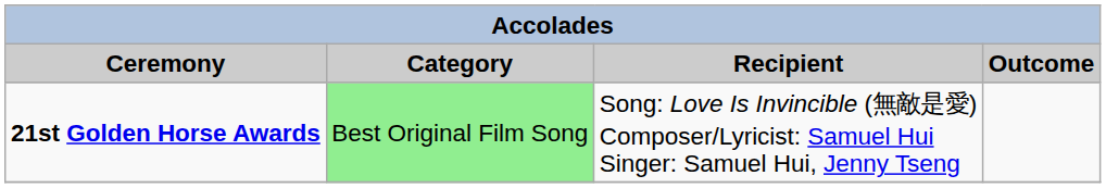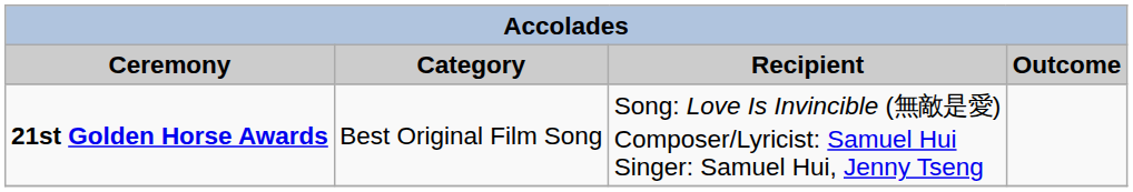 <table class="wikitable" style="font-size:95%;" ;>
 <tr style="background:#ccc; text-align:center;">
 <th colspan="4" style="background: LightSteelBlue;">Accolades</th>
 </tr>
 <tr style="background:#ccc; text-align:center;">
 <th style="background:#ccc">Ceremony</th>
 <th style="background:#ccc">Category</th>
 <th style="background:#ccc">Recipient</th>
 <th style="background:#ccc">Outcome</th>
 </tr>
 <tr>
 <td><strong>21st <a href='#'>Golden Horse Awards</a></strong></td>
-<td style="background: lightgreen;">Best Original Film Song</td>
+<td>Best Original Film Song</td>
 <td>Song: <em>Love Is Invincible</em> (無敵是愛)<br>Composer/Lyricist: <a href='#'>Samuel Hui</a> <br>Singer: Samuel Hui, <a href='#'>Jenny Tseng</a></td>
 <td></td>
 </tr>
 <tr>
 </tr>
 </table>
